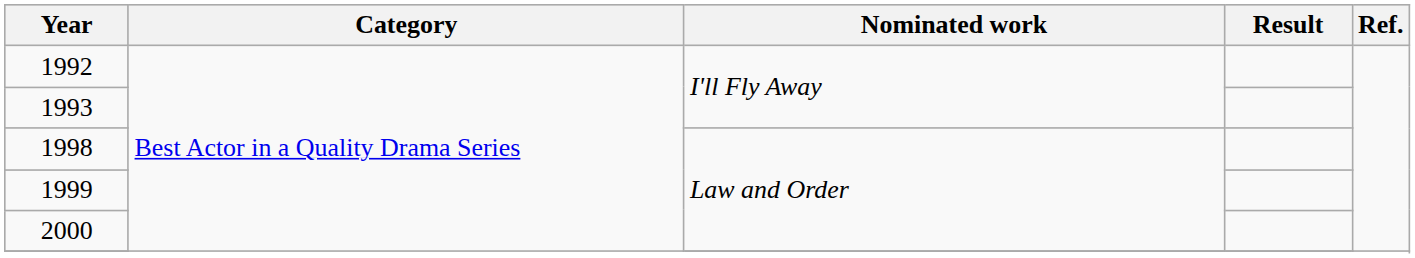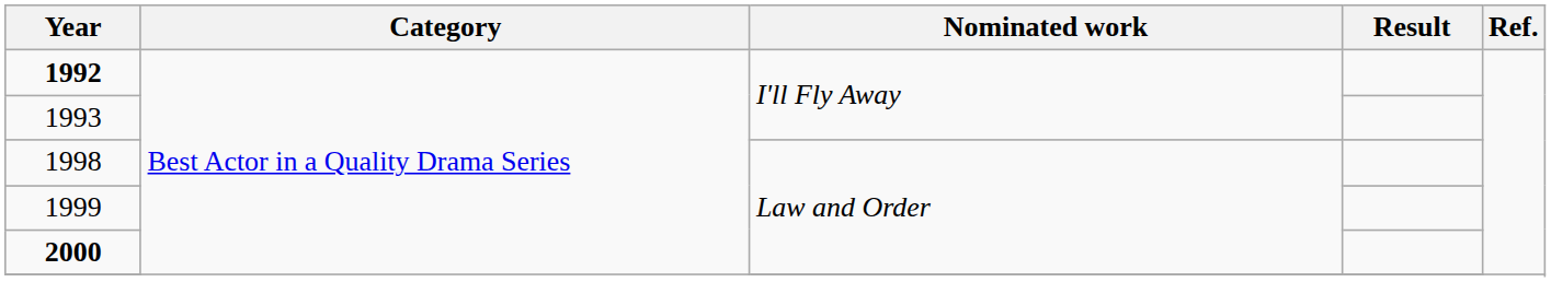 <table class=wikitable>
 <tr>
 <th scope="col" style="width:5em;">Year</th>
 <th scope="col" style="width:26em;">Category</th>
 <th scope="col" style="width:25em;">Nominated work</th>
 <th scope="col" style="width:5em;">Result</th>
 <th>Ref.</th>
 </tr>
 <tr>
-<td style="text-align:center;">1992</td>
+<td style="text-align:center;"><strong>1992</strong></td>
 <td rowspan=6><a href='#'>Best Actor in a Quality Drama Series</a></td>
 <td rowspan=2><em>I'll Fly Away</em></td>
 <td></td>
 <td rowspan=6></td>
 </tr>
 <tr>
 <td style="text-align:center;">1993</td>
 <td></td>
 </tr>
 <tr>
 <td style="text-align:center;">1998</td>
 <td rowspan=3><em>Law and Order</em></td>
 <td></td>
 </tr>
 <tr>
 <td style="text-align:center;">1999</td>
 <td></td>
 </tr>
 <tr>
-<td style="text-align:center;">2000</td>
+<td style="text-align:center;"><strong>2000</strong></td>
 <td></td>
 </tr>
 <tr>
 </tr>
 </table>
